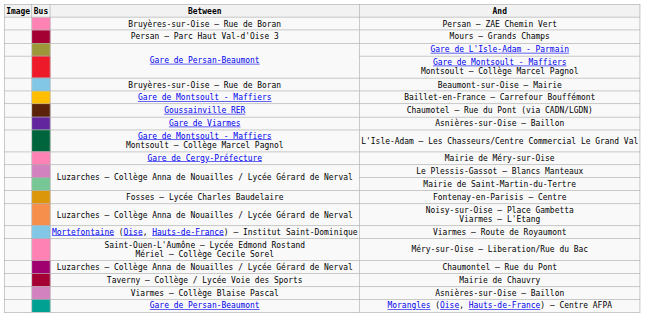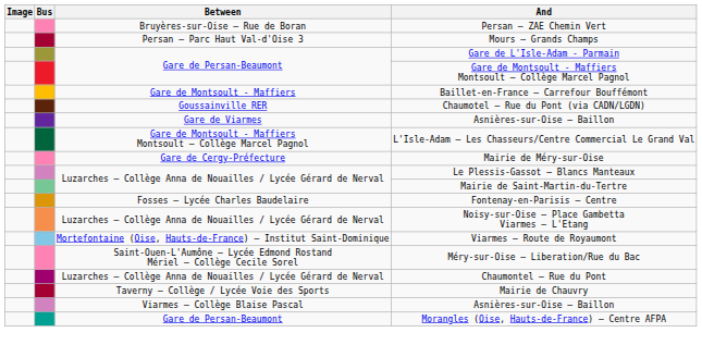 <table class="wikitable alternance centre" style="text-align:center;">
 <tr>
 <th>Image</th>
 <th>Bus</th>
 <th>Between</th>
 <th>And</th>
 </tr>
 <tr>
 <td></td>
 <td style="background:#ff82b4;"></td>
 <td>Bruyères-sur-Oise — Rue de Boran</td>
 <td>Persan — ZAE Chemin Vert</td>
 </tr>
 <tr>
 <td></td>
 <td style="background:#a50034;"></td>
 <td>Persan — Parc Haut Val-d'Oise 3</td>
 <td>Mours — Grands Champs</td>
 </tr>
 <tr>
 <td></td>
 <td style="background:#9c983a;"></td>
 <td rowspan="2"><a href='#'>Gare de Persan-Beaumont</a></td>
 <td><a href='#'>Gare de L'Isle-Adam - Parmain</a></td>
 </tr>
 <tr>
 <td></td>
 <td style="background:#ed1b2a;"></td>
 <td><a href='#'>Gare de Montsoult - Maffiers</a><br>Montsoult — Collège Marcel Pagnol</td>
-</tr>
-<tr>
-<td></td>
-<td style="background:#82c8e6;"></td>
-<td>Bruyères-sur-Oise — Rue de Boran</td>
-<td>Beaumont-sur-Oise — Mairie</td>
 </tr>
 <tr>
 <td></td>
 <td style="background:#ffbe02;"></td>
 <td><a href='#'>Gare de Montsoult - Maffiers</a></td>
 <td>Baillet-en-France — Carrefour Bouffémont</td>
 </tr>
 <tr>
 <td></td>
 <td style="background:#5a230a;"></td>
 <td><a href='#'>Goussainville RER</a></td>
 <td>Chaumotel — Rue du Pont (via CADN/LGDN)</td>
 </tr>
 <tr>
 <td></td>
 <td style="background:#62259d;"></td>
 <td><a href='#'>Gare de Viarmes</a></td>
 <td>Asnières-sur-Oise — Baillon</td>
 </tr>
 <tr>
 <td></td>
 <td style="background:#00643c;"></td>
 <td><a href='#'>Gare de Montsoult - Maffiers</a><br>Montsoult — Collège Marcel Pagnol</td>
 <td>L'Isle-Adam — Les Chasseurs/Centre Commercial Le Grand Val</td>
 </tr>
 <tr>
 <td></td>
 <td style="background:#ff82b4;"></td>
 <td><a href='#'>Gare de Cergy-Préfecture</a></td>
 <td>Mairie de Méry-sur-Oise</td>
 </tr>
 <tr>
 <td></td>
 <td style="background:#d282be;"></td>
 <td rowspan="2">Luzarches — Collège Anna de Nouailles / Lycée Gérard de Nerval</td>
 <td>Le Plessis-Gassot — Blancs Manteaux</td>
 </tr>
 <tr>
 <td></td>
 <td style="background:#77c695;"></td>
 <td>Mairie de Saint-Martin-du-Tertre</td>
 </tr>
 <tr>
 <td></td>
 <td style="background:#dc9609;"></td>
 <td>Fosses — Lycée Charles Baudelaire</td>
 <td>Fontenay-en-Parisis — Centre</td>
 </tr>
 <tr>
 <td></td>
 <td style="background:#f68f4b;"></td>
 <td>Luzarches — Collège Anna de Nouailles / Lycée Gérard de Nerval</td>
 <td>Noisy-sur-Oise — Place Gambetta<br>Viarmes — L'Etang</td>
 </tr>
 <tr>
 <td></td>
 <td style="background:#82c8e6;"></td>
 <td><a href='#'>Mortefontaine</a> (<a href='#'>Oise</a>, <a href='#'>Hauts-de-France</a>) — Institut Saint-Dominique</td>
 <td>Viarmes — Route de Royaumont</td>
 </tr>
 <tr>
 <td></td>
 <td style="background:#ff82b4;"></td>
 <td>Saint-Ouen-L'Aumône — Lycée Edmond Rostand<br>Mériel — Collège Cecile Sorel</td>
 <td>Méry-sur-Oise — Liberation/Rue du Bac</td>
 </tr>
 <tr>
 <td></td>
 <td style="background:#a0006e;"></td>
 <td>Luzarches — Collège Anna de Nouailles / Lycée Gérard de Nerval</td>
 <td>Chaumontel — Rue du Pont</td>
 </tr>
 <tr>
 <td></td>
 <td style="background:#a50034;"></td>
 <td>Taverny — Collège / Lycée Voie des Sports</td>
 <td>Mairie de Chauvry</td>
 </tr>
 <tr>
 <td></td>
 <td style="background:#d282be;"></td>
 <td>Viarmes — Collège Blaise Pascal</td>
 <td>Asnières-sur-Oise — Baillon</td>
 </tr>
 <tr>
 <td></td>
 <td style="background:#00a092;"></td>
 <td><a href='#'>Gare de Persan-Beaumont</a></td>
 <td><a href='#'>Morangles</a> (<a href='#'>Oise</a>, <a href='#'>Hauts-de-France</a>) — Centre AFPA</td>
 </tr>
 </table>
